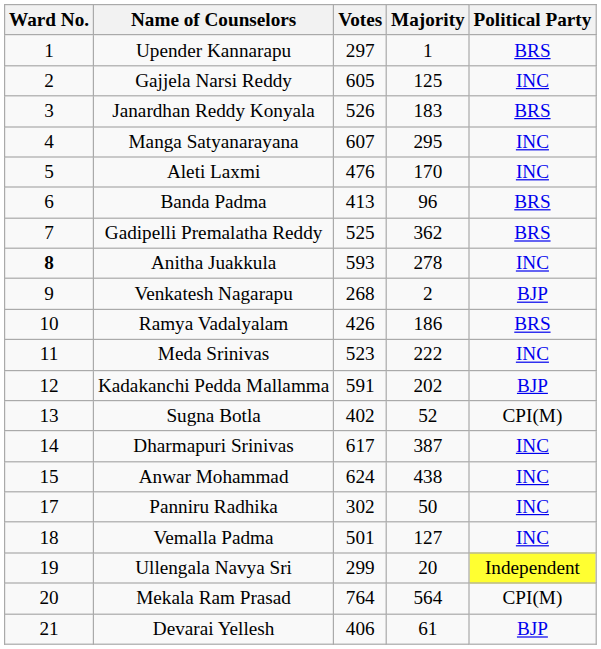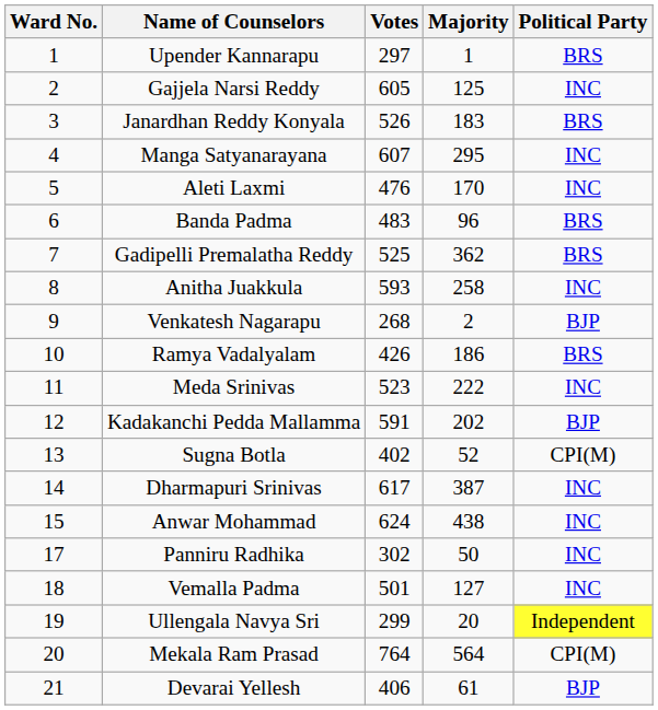 <table class="wikitable" style="text-align: center;">
 <tr>
 <th>Ward No.</th>
 <th>Name of Counselors</th>
 <th>Votes</th>
 <th>Majority</th>
 <th>Political Party</th>
 </tr>
 <tr>
 <td>1</td>
 <td>Upender Kannarapu</td>
 <td>297</td>
 <td>1</td>
 <td><a href='#'>BRS</a></td>
 </tr>
 <tr>
 <td>2</td>
 <td>Gajjela Narsi Reddy</td>
 <td>605</td>
 <td>125</td>
 <td><a href='#'>INC</a></td>
 </tr>
 <tr>
 <td>3</td>
 <td>Janardhan Reddy Konyala</td>
 <td>526</td>
 <td>183</td>
 <td><a href='#'>BRS</a></td>
 </tr>
 <tr>
 <td>4</td>
 <td>Manga Satyanarayana</td>
 <td>607</td>
 <td>295</td>
 <td><a href='#'>INC</a></td>
 </tr>
 <tr>
 <td>5</td>
 <td>Aleti Laxmi</td>
 <td>476</td>
 <td>170</td>
 <td><a href='#'>INC</a></td>
 </tr>
 <tr>
 <td>6</td>
 <td>Banda Padma</td>
-<td>413</td>
+<td>483</td>
 <td>96</td>
 <td><a href='#'>BRS</a></td>
 </tr>
 <tr>
 <td>7</td>
 <td>Gadipelli Premalatha Reddy</td>
 <td>525</td>
 <td>362</td>
 <td><a href='#'>BRS</a></td>
 </tr>
 <tr>
-<td><strong>8</strong></td>
+<td>8</td>
 <td>Anitha Juakkula</td>
 <td>593</td>
-<td>278</td>
+<td>258</td>
 <td><a href='#'>INC</a></td>
 </tr>
 <tr>
 <td>9</td>
 <td>Venkatesh Nagarapu</td>
 <td>268</td>
 <td>2</td>
 <td><a href='#'>BJP</a></td>
 </tr>
 <tr>
 <td>10</td>
 <td>Ramya Vadalyalam</td>
 <td>426</td>
 <td>186</td>
 <td><a href='#'>BRS</a></td>
 </tr>
 <tr>
 <td>11</td>
 <td>Meda Srinivas</td>
 <td>523</td>
 <td>222</td>
 <td><a href='#'>INC</a></td>
 </tr>
 <tr>
 <td>12</td>
 <td>Kadakanchi Pedda Mallamma</td>
 <td>591</td>
 <td>202</td>
 <td><a href='#'>BJP</a></td>
 </tr>
 <tr>
 <td>13</td>
 <td>Sugna Botla</td>
 <td>402</td>
 <td>52</td>
 <td style="background:">CPI(M)</td>
 </tr>
 <tr>
 <td>14</td>
 <td>Dharmapuri Srinivas</td>
 <td>617</td>
 <td>387</td>
 <td><a href='#'>INC</a></td>
 </tr>
 <tr>
 <td>15</td>
 <td>Anwar Mohammad</td>
 <td>624</td>
 <td>438</td>
 <td><a href='#'>INC</a></td>
 </tr>
 <tr>
 <td>17</td>
 <td>Panniru Radhika</td>
 <td>302</td>
 <td>50</td>
 <td><a href='#'>INC</a></td>
 </tr>
 <tr>
 <td>18</td>
 <td>Vemalla Padma</td>
 <td>501</td>
 <td>127</td>
 <td><a href='#'>INC</a></td>
 </tr>
 <tr>
 <td>19</td>
 <td>Ullengala Navya Sri</td>
 <td>299</td>
 <td>20</td>
 <td bgcolor="#FFFF31">Independent</td>
 </tr>
 <tr>
 <td>20</td>
 <td>Mekala Ram Prasad</td>
 <td>764</td>
 <td>564</td>
 <td style="background:">CPI(M)</td>
 </tr>
 <tr>
 <td>21</td>
 <td>Devarai Yellesh</td>
 <td>406</td>
 <td>61</td>
 <td><a href='#'>BJP</a></td>
 </tr>
 </table>
